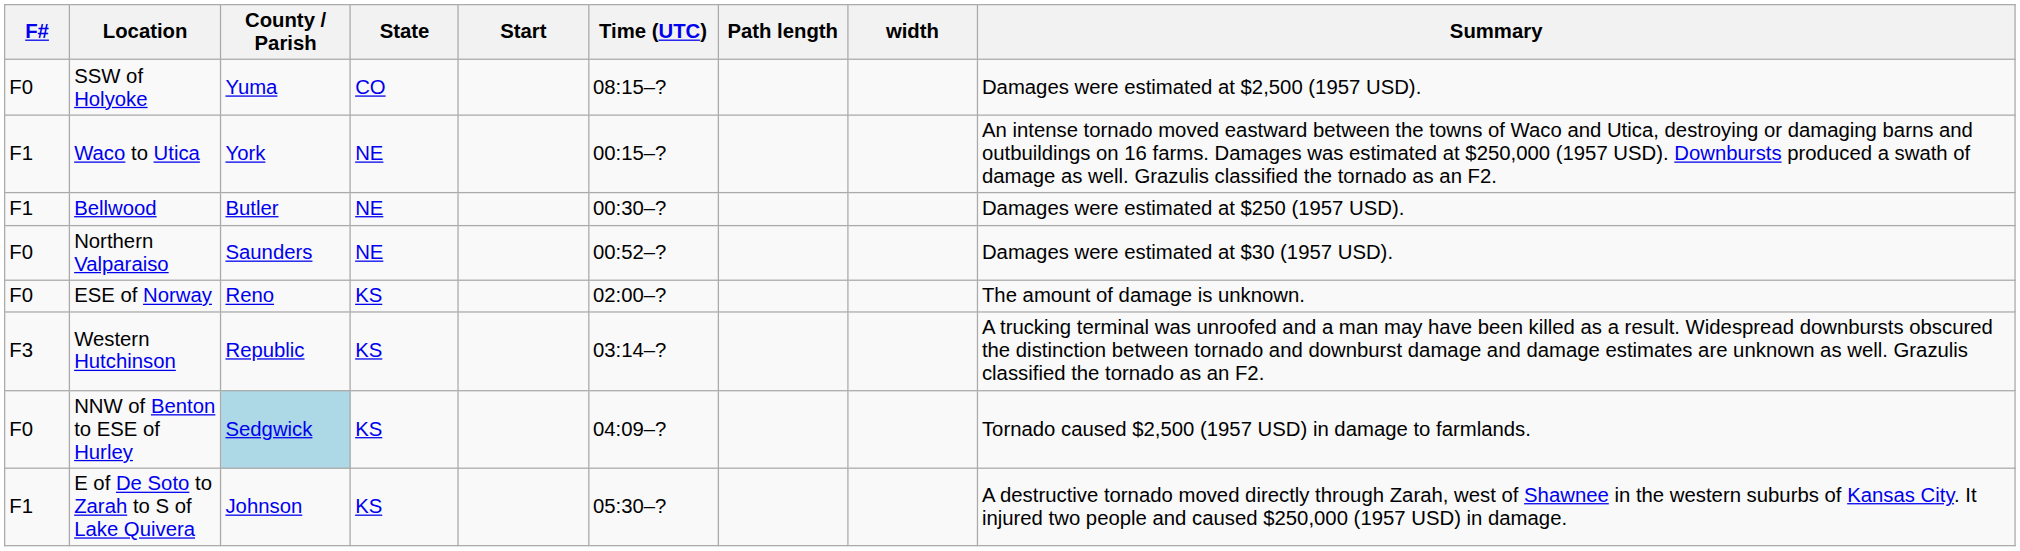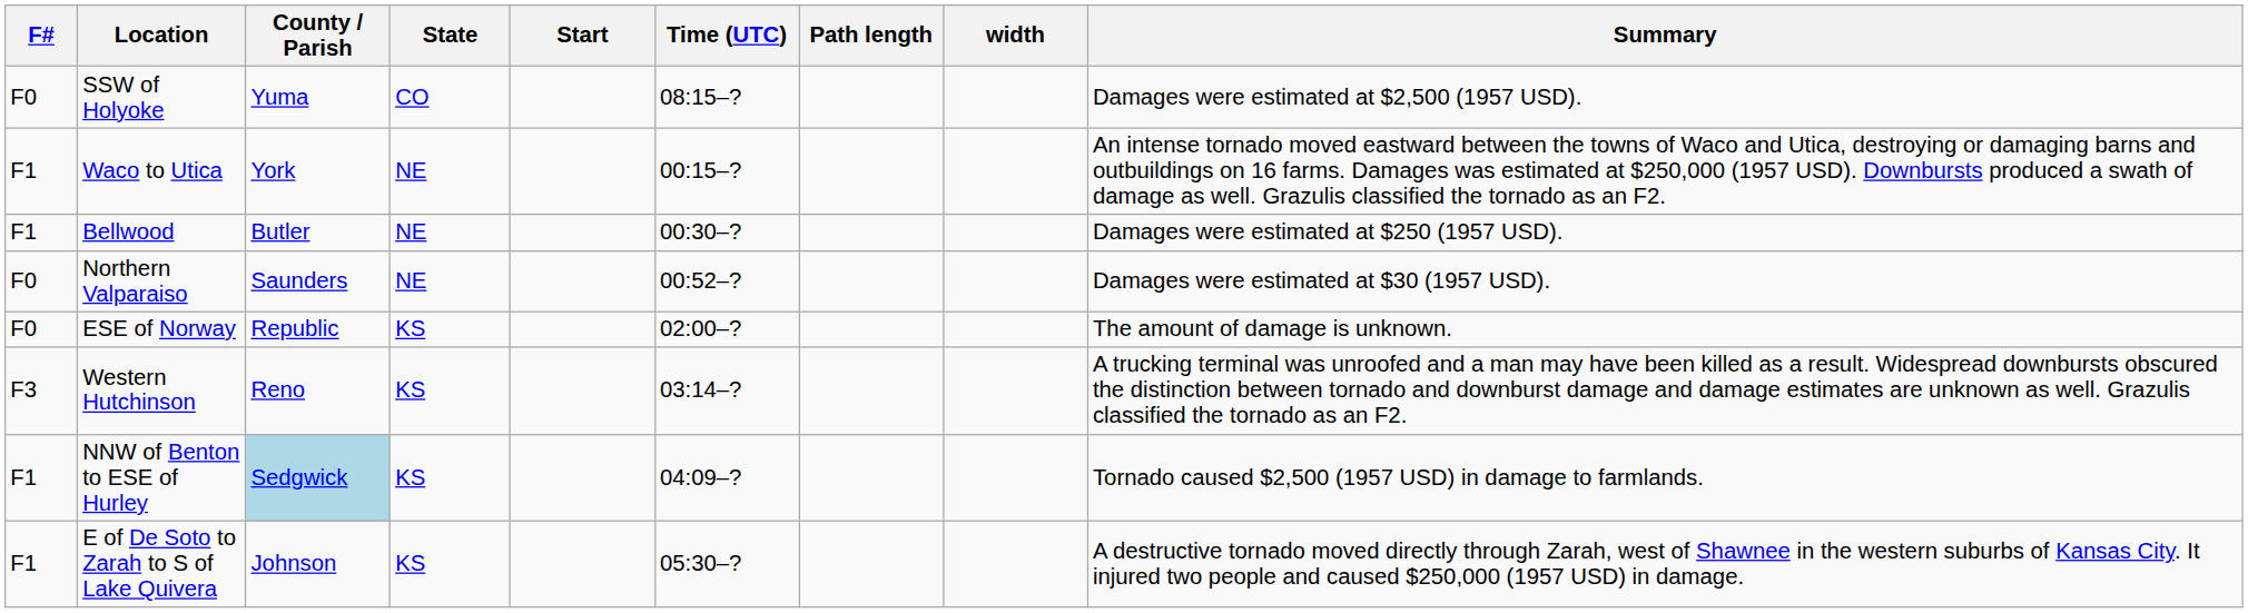 <table class="wikitable sortable" style="width:100%;">
 <tr>
 <th scope="col"  style="width:3%; text-align:center;"><a href='#'>F#</a></th>
 <th scope="col"  style="width:7%; text-align:center;" class="unsortable">Location</th>
 <th scope="col"  style="width:6%; text-align:center;" class="unsortable">County / Parish</th>
 <th scope="col"  style="width:5%; text-align:center;">State</th>
 <th scope="col"  style="width:6%; text-align:center;">Start<br></th>
 <th scope="col"  style="width:6%; text-align:center;">Time (<a href='#'>UTC</a>)</th>
 <th scope="col"  style="width:6%; text-align:center;">Path length</th>
 <th scope="col"  style="width:6%; text-align:center;"> width</th>
 <th scope="col" class="unsortable" style="width:48%; text-align:center;">Summary</th>
 </tr>
 <tr>
 <td>F0</td>
 <td>SSW of <a href='#'>Holyoke</a></td>
 <td><a href='#'>Yuma</a></td>
 <td><a href='#'>CO</a></td>
 <td></td>
 <td>08:15–?</td>
 <td></td>
 <td></td>
 <td>Damages were estimated at $2,500 (1957 USD).</td>
 </tr>
 <tr>
 <td>F1</td>
 <td><a href='#'>Waco</a> to <a href='#'>Utica</a></td>
 <td><a href='#'>York</a></td>
 <td><a href='#'>NE</a></td>
 <td></td>
 <td>00:15–?</td>
 <td></td>
 <td></td>
 <td>An intense tornado moved eastward between the towns of Waco and Utica, destroying or damaging barns and outbuildings on 16 farms. Damages was estimated at $250,000 (1957 USD). <a href='#'>Downbursts</a> produced a  swath of damage as well. Grazulis classified the tornado as an F2.</td>
 </tr>
 <tr>
 <td>F1</td>
 <td><a href='#'>Bellwood</a></td>
 <td><a href='#'>Butler</a></td>
 <td><a href='#'>NE</a></td>
 <td></td>
 <td>00:30–?</td>
 <td></td>
 <td></td>
 <td>Damages were estimated at $250 (1957 USD).</td>
 </tr>
 <tr>
 <td>F0</td>
 <td>Northern <a href='#'>Valparaiso</a></td>
 <td><a href='#'>Saunders</a></td>
 <td><a href='#'>NE</a></td>
 <td></td>
 <td>00:52–?</td>
 <td></td>
 <td></td>
 <td>Damages were estimated at $30 (1957 USD).</td>
 </tr>
 <tr>
 <td>F0</td>
 <td>ESE of <a href='#'>Norway</a></td>
-<td><a href='#'>Reno</a></td>
+<td><a href='#'>Republic</a></td>
 <td><a href='#'>KS</a></td>
 <td></td>
 <td>02:00–?</td>
 <td></td>
 <td></td>
 <td>The amount of damage is unknown.</td>
 </tr>
 <tr>
 <td>F3</td>
 <td>Western <a href='#'>Hutchinson</a></td>
-<td><a href='#'>Republic</a></td>
+<td><a href='#'>Reno</a></td>
 <td><a href='#'>KS</a></td>
 <td></td>
 <td>03:14–?</td>
 <td></td>
 <td></td>
 <td>A trucking terminal was unroofed and a man may have been killed as a result. Widespread downbursts obscured the distinction between tornado and downburst damage and damage estimates are unknown as well. Grazulis classified the tornado as an F2.</td>
 </tr>
 <tr>
-<td>F0</td>
+<td>F1</td>
 <td>NNW of <a href='#'>Benton</a> to ESE of <a href='#'>Hurley</a></td>
 <td style="background: lightblue;"><a href='#'>Sedgwick</a></td>
 <td><a href='#'>KS</a></td>
 <td></td>
 <td>04:09–?</td>
 <td></td>
 <td></td>
 <td>Tornado caused $2,500 (1957 USD) in damage to farmlands.</td>
 </tr>
 <tr>
 <td>F1</td>
 <td>E of <a href='#'>De Soto</a> to <a href='#'>Zarah</a> to S of <a href='#'>Lake Quivera</a></td>
 <td><a href='#'>Johnson</a></td>
 <td><a href='#'>KS</a></td>
 <td></td>
 <td>05:30–?</td>
 <td></td>
 <td></td>
 <td>A destructive tornado moved directly through Zarah, west of <a href='#'>Shawnee</a> in the western suburbs of <a href='#'>Kansas City</a>. It injured two people and caused $250,000 (1957 USD) in damage.</td>
 </tr>
 </table>
